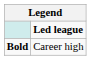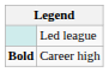 <table class="wikitable">
 <tr>
 <th colspan="2">Legend</th>
 </tr>
 <tr>
 <td style="background:#cfecec;"></td>
-<td><strong>Led league</strong></td>
+<td>Led league</td>
 </tr>
 <tr>
 <td><strong>Bold</strong></td>
 <td>Career high</td>
 </tr>
 </table>
